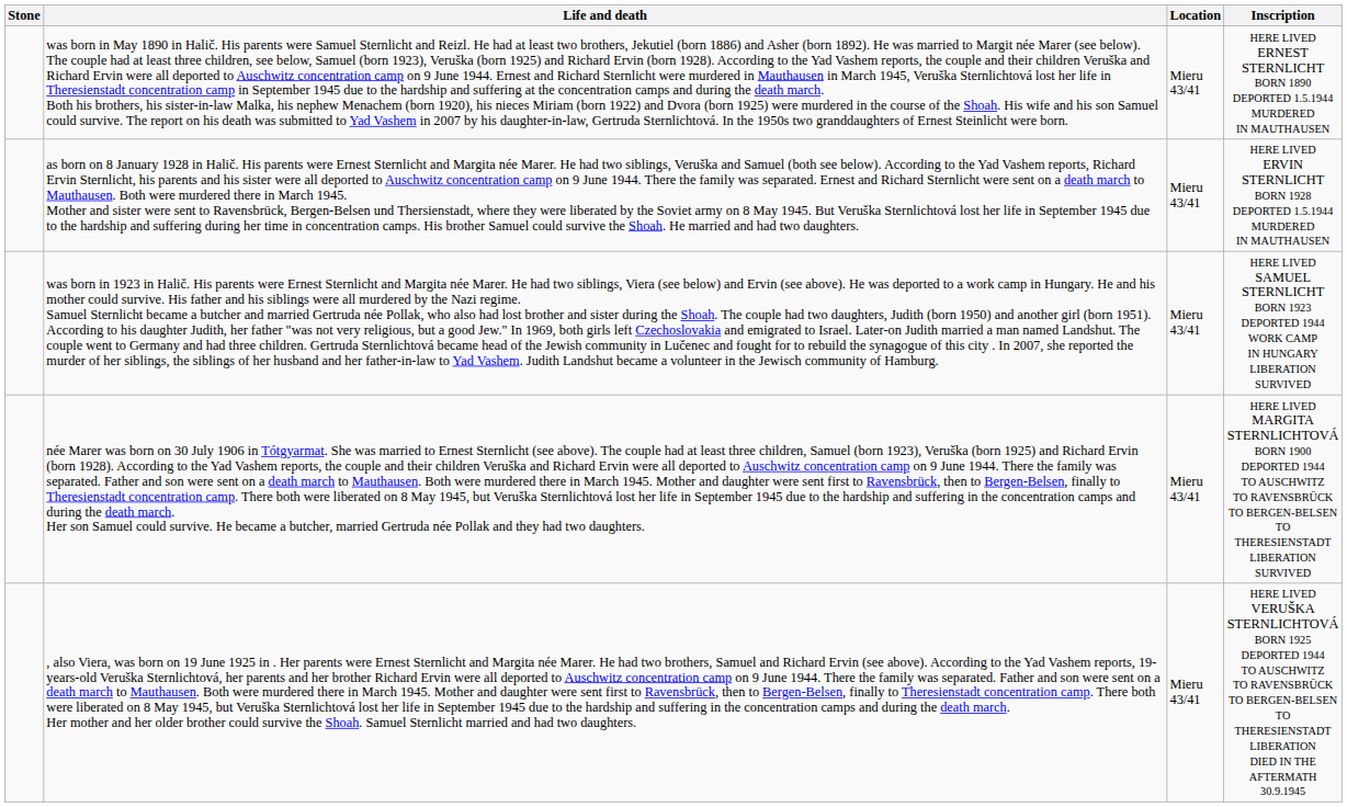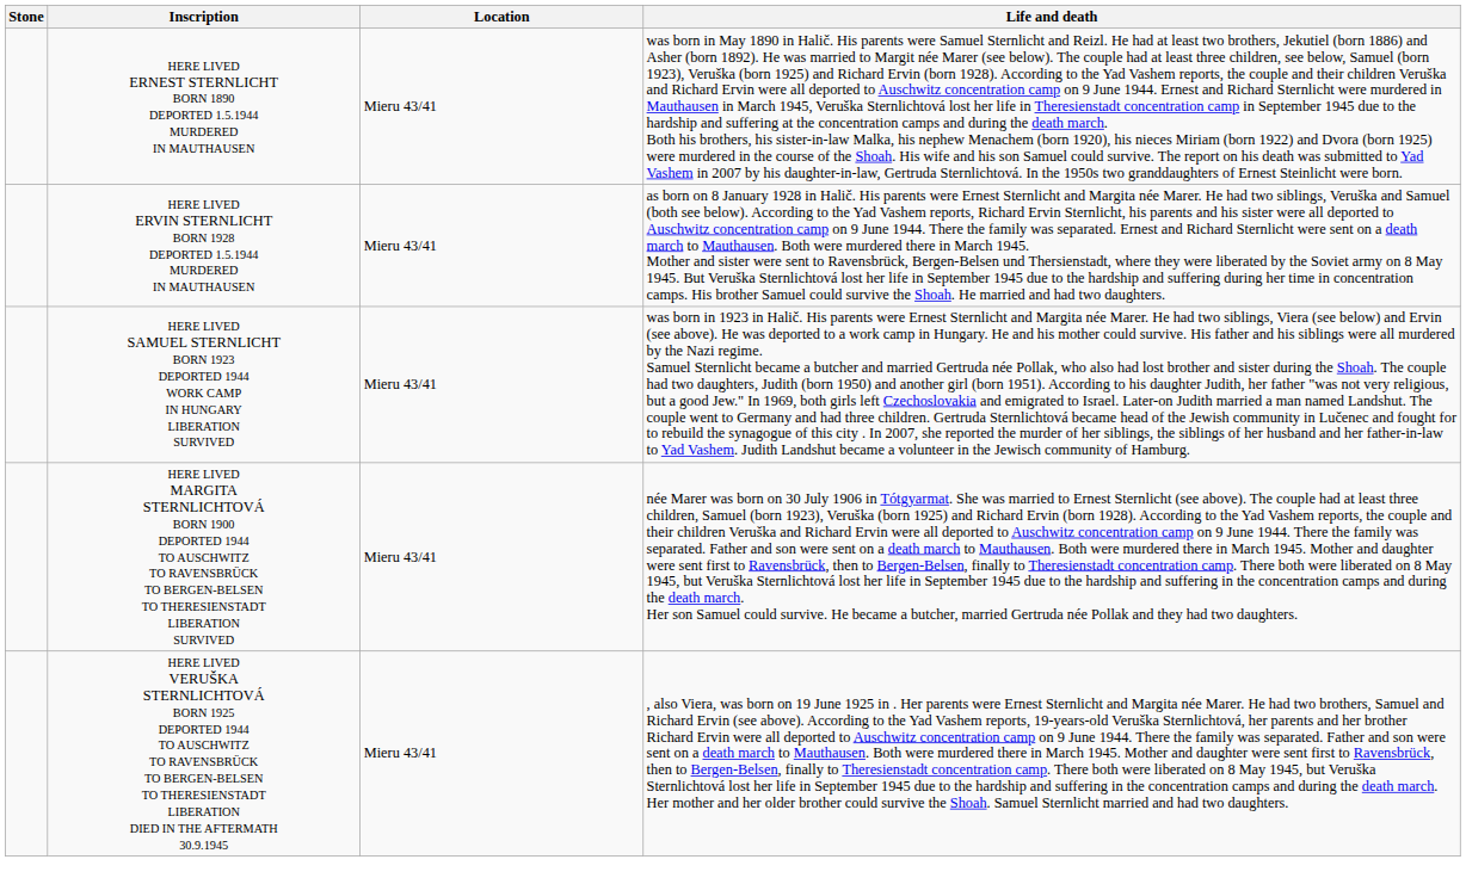 <table class="wikitable sortable toptextcells" style="width:100%">
 <tr>
 <th class="hintergrundfarbe6 unsortable" width="120px">Stone</th>
+<th class="hintergrundfarbe6 unsortable" style ="width:22%;">Inscription</th>
+<th class="hintergrundfarbe6" data-sort-type="text" style ="width:20%;">Location</th>
 <th class="hintergrundfarbe6" style="width:100%;">Life and death</th>
-<th class="hintergrundfarbe6" data-sort-type="text" style ="width:20%;">Location</th>
-<th class="hintergrundfarbe6 unsortable" style ="width:22%;">Inscription</th>
 </tr>
 <tr>
 <td></td>
+<td style="text-align:center"><div><small>HERE LIVED</small><br>ERNEST STERNLICHT<br><small>BORN 1890<br>DEPORTED 1.5.1944<br>MURDERED<br>IN MAUTHAUSEN</small></div></td>
+<td>Mieru 43/41</td>
 <td><strong></strong> was born in May 1890 in Halič. His parents were Samuel Sternlicht and Reizl. He had at least two brothers, Jekutiel (born 1886) and Asher (born 1892). He was married to Margit née Marer (see below). The couple had at least three children, see below, Samuel (born 1923), Veruška (born 1925) and Richard Ervin (born 1928). According to the Yad Vashem reports, the couple and their children Veruška and Richard Ervin were all deported to <a href='#'>Auschwitz concentration camp</a> on 9 June 1944. Ernest and Richard Sternlicht were murdered in <a href='#'>Mauthausen</a> in March 1945, Veruška Sternlichtová lost her life in <a href='#'>Theresienstadt concentration camp</a> in September 1945 due to the hardship and suffering at the concentration camps and during the <a href='#'>death march</a>.<br>Both his brothers, his sister-in-law Malka, his nephew Menachem (born 1920), his nieces Miriam (born 1922) and Dvora (born 1925) were murdered in the course of the <a href='#'>Shoah</a>. His wife and his son Samuel could survive. The report on his death was submitted to <a href='#'>Yad Vashem</a> in 2007 by his daughter-in-law, Gertruda Sternlichtová. In the 1950s two granddaughters of Ernest Steinlicht were born.</td>
-<td>Mieru 43/41</td>
-<td style="text-align:center"><div><small>HERE LIVED</small><br>ERNEST STERNLICHT<br><small>BORN 1890<br>DEPORTED 1.5.1944<br>MURDERED<br>IN MAUTHAUSEN</small></div></td>
 </tr>
 <tr>
 <td></td>
+<td style="text-align:center"><div><small>HERE LIVED</small><br>ERVIN STERNLICHT<br><small>BORN 1928<br>DEPORTED 1.5.1944<br>MURDERED<br>IN MAUTHAUSEN</small></div></td>
+<td>Mieru 43/41</td>
 <td><strong></strong> as born on 8 January 1928 in Halič. His parents were Ernest Sternlicht and Margita née Marer. He had two siblings, Veruška and Samuel (both see below). According to the Yad Vashem reports, Richard Ervin Sternlicht, his parents and his sister were all deported to <a href='#'>Auschwitz concentration camp</a> on 9 June 1944. There the family was separated. Ernest and Richard Sternlicht were sent on a <a href='#'>death march</a> to <a href='#'>Mauthausen</a>. Both were murdered there in March 1945.<br>Mother and sister were sent to Ravensbrück, Bergen-Belsen und Thersienstadt, where they were liberated by the Soviet army on 8 May 1945. But Veruška Sternlichtová lost her life in September 1945 due to the hardship and suffering during her time in concentration camps. His brother Samuel could survive the <a href='#'>Shoah</a>. He married and had two daughters.</td>
-<td>Mieru 43/41</td>
-<td style="text-align:center"><div><small>HERE LIVED</small><br>ERVIN STERNLICHT<br><small>BORN 1928<br>DEPORTED 1.5.1944<br>MURDERED<br>IN MAUTHAUSEN</small></div></td>
 </tr>
 <tr>
 <td></td>
+<td style="text-align:center"><div><small>HERE LIVED</small><br>SAMUEL STERNLICHT<br><small>BORN 1923<br>DEPORTED 1944<br>WORK CAMP<br>IN HUNGARY<br>LIBERATION<br>SURVIVED</small></div></td>
+<td>Mieru 43/41</td>
 <td><strong></strong> was born in 1923 in Halič. His parents were Ernest Sternlicht and Margita née Marer. He had two siblings, Viera (see below) and Ervin (see above). He was deported to a work camp in Hungary. He and his mother could survive. His father and his siblings were all murdered by the Nazi regime.<br>Samuel Sternlicht became a butcher and married Gertruda née Pollak, who also had lost brother and sister during the <a href='#'>Shoah</a>. The couple had two daughters, Judith (born 1950) and another girl (born 1951). According to his daughter Judith, her father "was not very religious, but a good Jew." In 1969, both girls left <a href='#'>Czechoslovakia</a> and emigrated to Israel. Later-on Judith married a man named Landshut. The couple went to Germany and had three children. Gertruda Sternlichtová became head of the Jewish community in Lučenec and fought for to rebuild the synagogue of this city . In 2007, she reported the murder of her siblings, the siblings of her husband and her father-in-law to <a href='#'>Yad Vashem</a>. Judith Landshut became a volunteer in the Jewisch community of Hamburg.</td>
-<td>Mieru 43/41</td>
-<td style="text-align:center"><div><small>HERE LIVED</small><br>SAMUEL STERNLICHT<br><small>BORN 1923<br>DEPORTED 1944<br>WORK CAMP<br>IN HUNGARY<br>LIBERATION<br>SURVIVED</small></div></td>
 </tr>
 <tr>
 <td></td>
+<td style="text-align:center"><div><small>HERE LIVED</small><br>MARGITA<br>STERNLICHTOVÁ<br><small>BORN 1900<br>DEPORTED 1944<br>TO AUSCHWITZ<br>TO RAVENSBRÜCK<br>TO BERGEN-BELSEN<br>TO THERESIENSTADT<br>LIBERATION<br>SURVIVED</small></div></td>
+<td>Mieru 43/41</td>
 <td><strong></strong> née Marer was born on 30 July 1906 in <a href='#'>Tótgyarmat</a>. She was married to Ernest Sternlicht (see above). The couple had at least three children, Samuel (born 1923), Veruška (born 1925) and Richard Ervin (born 1928). According to the Yad Vashem reports, the couple and their children Veruška and Richard Ervin were all deported to <a href='#'>Auschwitz concentration camp</a> on 9 June 1944. There the family was separated. Father and son were sent on a <a href='#'>death march</a> to <a href='#'>Mauthausen</a>. Both were murdered there in March 1945. Mother and daughter were sent first to <a href='#'>Ravensbrück</a>, then to <a href='#'>Bergen-Belsen</a>, finally to <a href='#'>Theresienstadt concentration camp</a>. There both were liberated on 8 May 1945, but Veruška Sternlichtová lost her life in September 1945 due to the hardship and suffering in the concentration camps and during the <a href='#'>death march</a>.<br>Her son Samuel could survive. He became a butcher, married Gertruda née Pollak and they had two daughters.</td>
-<td>Mieru 43/41</td>
-<td style="text-align:center"><div><small>HERE LIVED</small><br>MARGITA<br>STERNLICHTOVÁ<br><small>BORN 1900<br>DEPORTED 1944<br>TO AUSCHWITZ<br>TO RAVENSBRÜCK<br>TO BERGEN-BELSEN<br>TO THERESIENSTADT<br>LIBERATION<br>SURVIVED</small></div></td>
 </tr>
 <tr>
 <td></td>
+<td style="text-align:center"><div><small>HERE LIVED</small><br>VERUŠKA<br>STERNLICHTOVÁ<br><small>BORN 1925<br>DEPORTED 1944<br>TO AUSCHWITZ<br>TO RAVENSBRÜCK<br>TO BERGEN-BELSEN<br>TO THERESIENSTADT<br>LIBERATION<br>DIED IN THE AFTERMATH<br>30.9.1945</small></div></td>
+<td>Mieru 43/41</td>
 <td><strong></strong>, also Viera, was born on 19 June 1925 in . Her parents were Ernest Sternlicht and Margita née Marer. He had two brothers, Samuel and Richard Ervin (see above). According to the Yad Vashem reports,  19-years-old Veruška Sternlichtová, her parents and her brother Richard Ervin were all deported to <a href='#'>Auschwitz concentration camp</a> on 9 June 1944. There the family was separated. Father and son were sent on a <a href='#'>death march</a> to <a href='#'>Mauthausen</a>. Both were murdered there in March 1945. Mother and daughter were sent first to <a href='#'>Ravensbrück</a>, then to <a href='#'>Bergen-Belsen</a>, finally to <a href='#'>Theresienstadt concentration camp</a>. There both were liberated on 8 May 1945, but Veruška Sternlichtová lost her life in September 1945 due to the hardship and suffering in the concentration camps and during the <a href='#'>death march</a>.<br>Her mother and her older brother could survive the <a href='#'>Shoah</a>. Samuel Sternlicht married and had two daughters.</td>
-<td>Mieru 43/41</td>
-<td style="text-align:center"><div><small>HERE LIVED</small><br>VERUŠKA<br>STERNLICHTOVÁ<br><small>BORN 1925<br>DEPORTED 1944<br>TO AUSCHWITZ<br>TO RAVENSBRÜCK<br>TO BERGEN-BELSEN<br>TO THERESIENSTADT<br>LIBERATION<br>DIED IN THE AFTERMATH<br>30.9.1945</small></div></td>
 </tr>
 </table>
